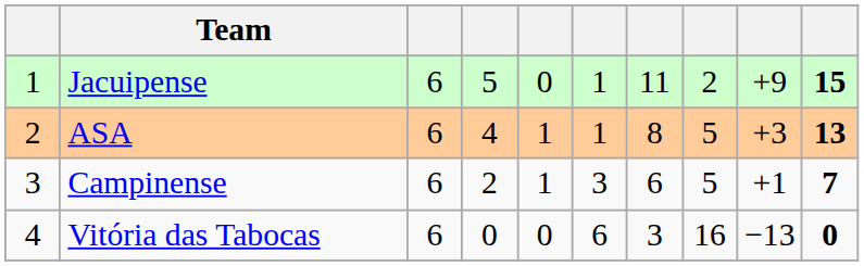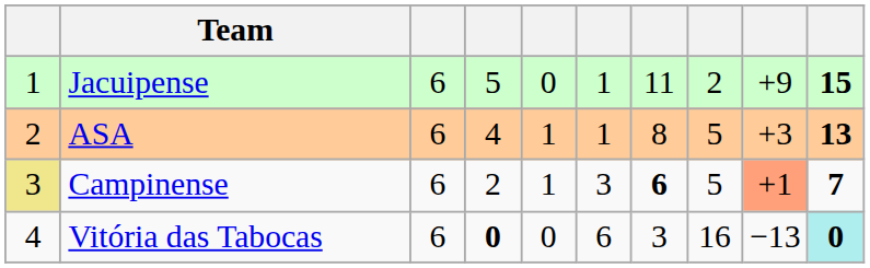 <table class="wikitable" style="text-align: center;">
 <tr>
 <th width=20></th>
 <th width=165>Team</th>
 <th width=20></th>
 <th width=20></th>
 <th width=20></th>
 <th width=20></th>
 <th width=20></th>
 <th width=20></th>
 <th width=20></th>
 <th width=20></th>
 </tr>
 <tr bgcolor=#ccffcc>
 <td>1</td>
 <td align=left> <a href='#'>Jacuipense</a></td>
 <td>6</td>
 <td>5</td>
 <td>0</td>
 <td>1</td>
 <td>11</td>
 <td>2</td>
 <td>+9</td>
 <td><strong>15</strong></td>
 </tr>
 <tr bgcolor=#ffcc99>
 <td>2</td>
 <td align=left> <a href='#'>ASA</a></td>
 <td>6</td>
 <td>4</td>
 <td>1</td>
 <td>1</td>
 <td>8</td>
 <td>5</td>
 <td>+3</td>
 <td><strong>13</strong></td>
 </tr>
 <tr>
-<td>3</td>
+<td style="background: khaki;">3</td>
 <td align=left> <a href='#'>Campinense</a></td>
 <td>6</td>
 <td>2</td>
 <td>1</td>
 <td>3</td>
-<td>6</td>
+<td><strong>6</strong></td>
 <td>5</td>
-<td>+1</td>
+<td style="background: lightsalmon;">+1</td>
 <td><strong>7</strong></td>
 </tr>
 <tr>
 <td>4</td>
 <td align=left> <a href='#'>Vitória das Tabocas</a></td>
 <td>6</td>
-<td>0</td>
+<td><strong>0</strong></td>
 <td>0</td>
 <td>6</td>
 <td>3</td>
 <td>16</td>
 <td>−13</td>
-<td><strong>0</strong></td>
+<td style="background: paleturquoise;"><strong>0</strong></td>
 </tr>
 </table>
